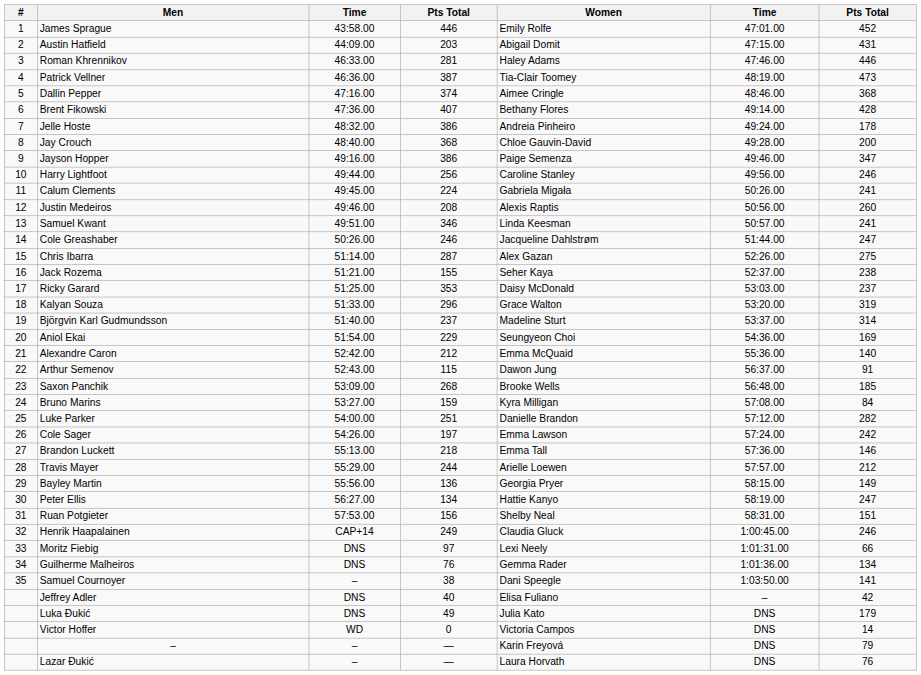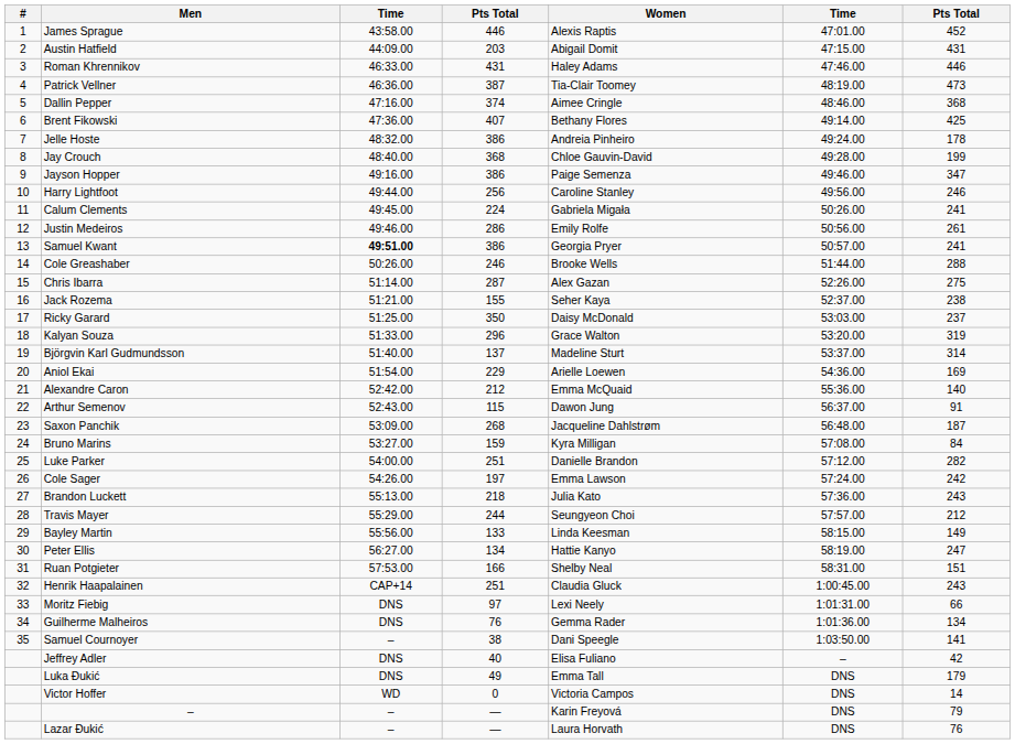 <table class="wikitable sortable" style="display: inline-table;width: 90%; text-align:center">
 <tr>
 <th>#</th>
 <th>Men</th>
 <th>Time</th>
 <th>Pts Total</th>
 <th>Women</th>
 <th>Time</th>
 <th>Pts Total</th>
 </tr>
 <tr>
 <td>1</td>
 <td align=left> James Sprague</td>
 <td>43:58.00</td>
 <td>446</td>
-<td align=left> Emily Rolfe</td>
+<td align=left> Alexis Raptis</td>
 <td>47:01.00</td>
 <td>452</td>
 </tr>
 <tr>
 <td>2</td>
 <td align=left> Austin Hatfield</td>
 <td>44:09.00</td>
 <td>203</td>
 <td align=left> Abigail Domit</td>
 <td>47:15.00</td>
 <td>431</td>
 </tr>
 <tr>
 <td>3</td>
 <td align=left> Roman Khrennikov</td>
 <td>46:33.00</td>
-<td>281</td>
+<td>431</td>
 <td align=left> Haley Adams</td>
 <td>47:46.00</td>
 <td>446</td>
 </tr>
 <tr>
 <td>4</td>
 <td align=left> Patrick Vellner</td>
 <td>46:36.00</td>
 <td>387</td>
 <td align=left> Tia-Clair Toomey</td>
 <td>48:19.00</td>
 <td>473</td>
 </tr>
 <tr>
 <td>5</td>
 <td align=left> Dallin Pepper</td>
 <td>47:16.00</td>
 <td>374</td>
 <td align=left> Aimee Cringle</td>
 <td>48:46.00</td>
 <td>368</td>
 </tr>
 <tr>
 <td>6</td>
 <td align=left> Brent Fikowski</td>
 <td>47:36.00</td>
 <td>407</td>
 <td align=left> Bethany Flores</td>
 <td>49:14.00</td>
-<td>428</td>
+<td>425</td>
 </tr>
 <tr>
 <td>7</td>
 <td align=left> Jelle Hoste</td>
 <td>48:32.00</td>
 <td>386</td>
 <td align=left> Andreia Pinheiro</td>
 <td>49:24.00</td>
 <td>178</td>
 </tr>
 <tr>
 <td>8</td>
 <td align=left> Jay Crouch</td>
 <td>48:40.00</td>
 <td>368</td>
 <td align=left> Chloe Gauvin-David</td>
 <td>49:28.00</td>
-<td>200</td>
+<td>199</td>
 </tr>
 <tr>
 <td>9</td>
 <td align=left> Jayson Hopper</td>
 <td>49:16.00</td>
 <td>386</td>
 <td align=left> Paige Semenza</td>
 <td>49:46.00</td>
 <td>347</td>
 </tr>
 <tr>
 <td>10</td>
 <td align=left> Harry Lightfoot</td>
 <td>49:44.00</td>
 <td>256</td>
 <td align=left> Caroline Stanley</td>
 <td>49:56.00</td>
 <td>246</td>
 </tr>
 <tr>
 <td>11</td>
 <td align=left> Calum Clements</td>
 <td>49:45.00</td>
 <td>224</td>
 <td align=left> Gabriela Migała</td>
 <td>50:26.00</td>
 <td>241</td>
 </tr>
 <tr>
 <td>12</td>
 <td align=left> Justin Medeiros</td>
 <td>49:46.00</td>
-<td>208</td>
-<td align=left> Alexis Raptis</td>
+<td>286</td>
+<td align=left> Emily Rolfe</td>
 <td>50:56.00</td>
-<td>260</td>
+<td>261</td>
 </tr>
 <tr>
 <td>13</td>
 <td align=left> Samuel Kwant</td>
-<td>49:51.00</td>
-<td>346</td>
-<td align=left> Linda Keesman</td>
+<td><strong>49:51.00</strong></td>
+<td>386</td>
+<td align=left> Georgia Pryer</td>
 <td>50:57.00</td>
 <td>241</td>
 </tr>
 <tr>
 <td>14</td>
 <td align=left> Cole Greashaber</td>
 <td>50:26.00</td>
 <td>246</td>
-<td align=left> Jacqueline Dahlstrøm</td>
+<td align=left> Brooke Wells</td>
 <td>51:44.00</td>
-<td>247</td>
+<td>288</td>
 </tr>
 <tr>
 <td>15</td>
 <td align=left> Chris Ibarra</td>
 <td>51:14.00</td>
 <td>287</td>
 <td align=left> Alex Gazan</td>
 <td>52:26.00</td>
 <td>275</td>
 </tr>
 <tr>
 <td>16</td>
 <td align=left> Jack Rozema</td>
 <td>51:21.00</td>
 <td>155</td>
 <td align=left> Seher Kaya</td>
 <td>52:37.00</td>
 <td>238</td>
 </tr>
 <tr>
 <td>17</td>
 <td align=left> Ricky Garard</td>
 <td>51:25.00</td>
-<td>353</td>
+<td>350</td>
 <td align=left> Daisy McDonald</td>
 <td>53:03.00</td>
 <td>237</td>
 </tr>
 <tr>
 <td>18</td>
 <td align=left> Kalyan Souza</td>
 <td>51:33.00</td>
 <td>296</td>
 <td align=left> Grace Walton</td>
 <td>53:20.00</td>
 <td>319</td>
 </tr>
 <tr>
 <td>19</td>
 <td align=left> Björgvin Karl Gudmundsson</td>
 <td>51:40.00</td>
-<td>237</td>
+<td>137</td>
 <td align=left> Madeline Sturt</td>
 <td>53:37.00</td>
 <td>314</td>
 </tr>
 <tr>
 <td>20</td>
 <td align=left> Aniol Ekai</td>
 <td>51:54.00</td>
 <td>229</td>
-<td align=left> Seungyeon Choi</td>
+<td align=left> Arielle Loewen</td>
 <td>54:36.00</td>
 <td>169</td>
 </tr>
 <tr>
 <td>21</td>
 <td align=left> Alexandre Caron</td>
 <td>52:42.00</td>
 <td>212</td>
 <td align=left> Emma McQuaid</td>
 <td>55:36.00</td>
 <td>140</td>
 </tr>
 <tr>
 <td>22</td>
 <td align=left> Arthur Semenov</td>
 <td>52:43.00</td>
 <td>115</td>
 <td align=left> Dawon Jung</td>
 <td>56:37.00</td>
 <td>91</td>
 </tr>
 <tr>
 <td>23</td>
 <td align=left> Saxon Panchik</td>
 <td>53:09.00</td>
 <td>268</td>
-<td align=left> Brooke Wells</td>
+<td align=left> Jacqueline Dahlstrøm</td>
 <td>56:48.00</td>
-<td>185</td>
+<td>187</td>
 </tr>
 <tr>
 <td>24</td>
 <td align=left> Bruno Marins</td>
 <td>53:27.00</td>
 <td>159</td>
 <td align=left> Kyra Milligan</td>
 <td>57:08.00</td>
 <td>84</td>
 </tr>
 <tr>
 <td>25</td>
 <td align=left> Luke Parker</td>
 <td>54:00.00</td>
 <td>251</td>
 <td align=left> Danielle Brandon</td>
 <td>57:12.00</td>
 <td>282</td>
 </tr>
 <tr>
 <td>26</td>
 <td align=left> Cole Sager</td>
 <td>54:26.00</td>
 <td>197</td>
 <td align=left> Emma Lawson</td>
 <td>57:24.00</td>
 <td>242</td>
 </tr>
 <tr>
 <td>27</td>
 <td align=left> Brandon Luckett</td>
 <td>55:13.00</td>
 <td>218</td>
-<td align=left> Emma Tall</td>
+<td align=left> Julia Kato</td>
 <td>57:36.00</td>
-<td>146</td>
+<td>243</td>
 </tr>
 <tr>
 <td>28</td>
 <td align=left> Travis Mayer</td>
 <td>55:29.00</td>
 <td>244</td>
-<td align=left> Arielle Loewen</td>
+<td align=left> Seungyeon Choi</td>
 <td>57:57.00</td>
 <td>212</td>
 </tr>
 <tr>
 <td>29</td>
 <td align=left> Bayley Martin</td>
 <td>55:56.00</td>
-<td>136</td>
-<td align=left> Georgia Pryer</td>
+<td>133</td>
+<td align=left> Linda Keesman</td>
 <td>58:15.00</td>
 <td>149</td>
 </tr>
 <tr>
 <td>30</td>
 <td align=left> Peter Ellis</td>
 <td>56:27.00</td>
 <td>134</td>
 <td align=left> Hattie Kanyo</td>
 <td>58:19.00</td>
 <td>247</td>
 </tr>
 <tr>
 <td>31</td>
 <td align=left> Ruan Potgieter</td>
 <td>57:53.00</td>
-<td>156</td>
+<td>166</td>
 <td align=left> Shelby Neal</td>
 <td>58:31.00</td>
 <td>151</td>
 </tr>
 <tr>
 <td>32</td>
 <td align=left> Henrik Haapalainen</td>
 <td>CAP+14</td>
-<td>249</td>
+<td>251</td>
 <td align=left> Claudia Gluck</td>
 <td>1:00:45.00</td>
-<td>246</td>
+<td>243</td>
 </tr>
 <tr>
 <td>33</td>
 <td align=left> Moritz Fiebig</td>
 <td>DNS</td>
 <td>97</td>
 <td align=left> Lexi Neely</td>
 <td>1:01:31.00</td>
 <td>66</td>
 </tr>
 <tr>
 <td>34</td>
 <td align=left> Guilherme Malheiros</td>
 <td>DNS</td>
 <td>76</td>
 <td align=left> Gemma Rader</td>
 <td>1:01:36.00</td>
 <td>134</td>
 </tr>
 <tr>
 <td>35</td>
 <td align=left> Samuel Cournoyer</td>
 <td>–</td>
 <td>38</td>
 <td align=left> Dani Speegle</td>
 <td>1:03:50.00</td>
 <td>141</td>
 </tr>
 <tr>
 <td></td>
 <td align=left> Jeffrey Adler</td>
 <td>DNS</td>
 <td>40</td>
 <td align=left> Elisa Fuliano</td>
 <td>–</td>
 <td>42</td>
 </tr>
 <tr>
 <td></td>
 <td align=left> Luka Đukić</td>
 <td>DNS</td>
 <td>49</td>
-<td align=left> Julia Kato</td>
+<td align=left> Emma Tall</td>
 <td>DNS</td>
 <td>179</td>
 </tr>
 <tr>
 <td></td>
 <td align=left> Victor Hoffer</td>
 <td>WD</td>
 <td>0</td>
 <td align=left> Victoria Campos</td>
 <td>DNS</td>
 <td>14</td>
 </tr>
 <tr>
 <td></td>
 <td>–</td>
 <td>–</td>
 <td>—</td>
 <td align=left> Karin Freyová</td>
 <td>DNS</td>
 <td>79</td>
 </tr>
 <tr>
 <td></td>
 <td align=left> Lazar Đukić</td>
 <td>–</td>
 <td>—</td>
 <td align=left> Laura Horvath</td>
 <td>DNS</td>
 <td>76</td>
 </tr>
 </table>
